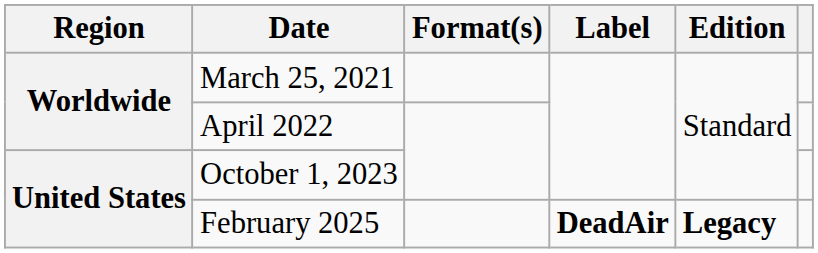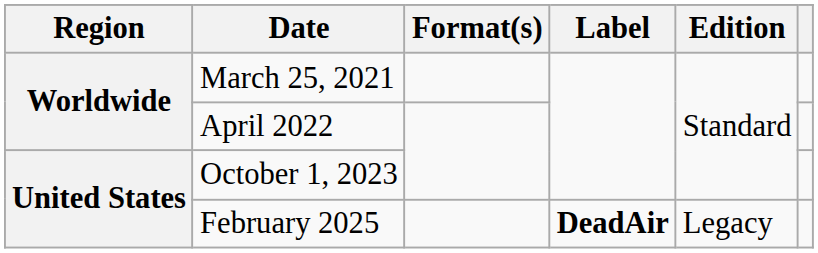 <table class="wikitable plainrowheaders">
 <tr>
 <th scope="col">Region</th>
 <th scope="col">Date</th>
 <th scope="col">Format(s)</th>
 <th scope="col">Label</th>
 <th scope="col">Edition</th>
 <th scope="col"></th>
 </tr>
 <tr>
 <th rowspan="2" scope="row">Worldwide</th>
 <td>March 25, 2021</td>
 <td></td>
 <td rowspan="3"></td>
 <td rowspan="3">Standard</td>
 <td align="center"></td>
 </tr>
 <tr>
 <td>April 2022</td>
 <td rowspan="2"></td>
 <td align="center"></td>
 </tr>
 <tr>
 <th rowspan="2" scope="row">United States</th>
 <td>October 1, 2023</td>
 <td align="center"></td>
 </tr>
 <tr>
 <td>February 2025</td>
 <td rowspan="1"></td>
 <td><strong>DeadAir</strong></td>
-<td><strong>Legacy</strong></td>
+<td>Legacy</td>
 <td align="center"></td>
 </tr>
 </table>
